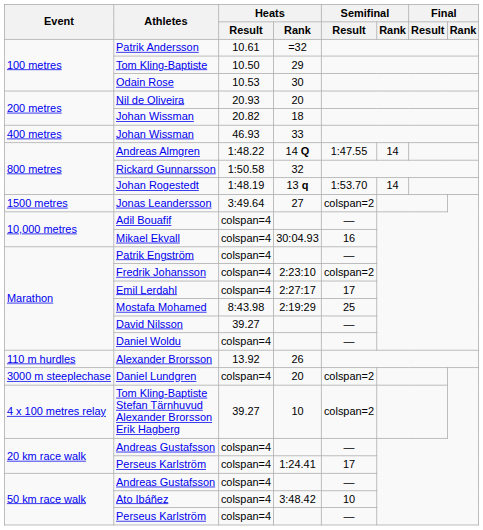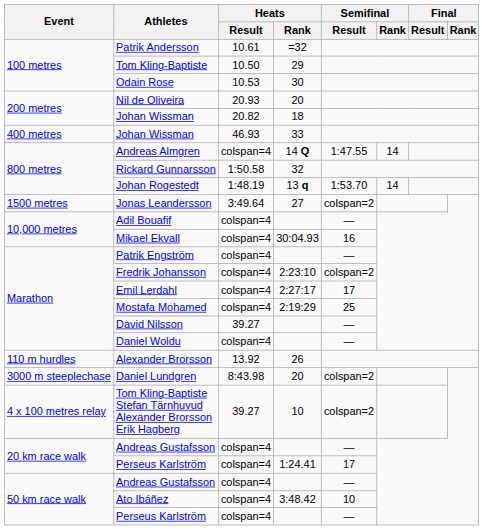 <table class="wikitable" border="1" style="font-size:90%">
 <tr>
 <th rowspan="2">Event</th>
 <th rowspan="2">Athletes</th>
 <th colspan="2">Heats</th>
 <th colspan="2">Semifinal</th>
 <th colspan="2">Final</th>
 </tr>
 <tr>
 <th>Result</th>
 <th>Rank</th>
 <th>Result</th>
 <th>Rank</th>
 <th>Result</th>
 <th>Rank</th>
 </tr>
 <tr>
 <td rowspan=3><a href='#'>100 metres</a></td>
 <td><a href='#'>Patrik Andersson</a></td>
 <td align=center>10.61</td>
 <td align=center>=32</td>
 <td align=center colspan=4></td>
 </tr>
 <tr>
 <td><a href='#'>Tom Kling-Baptiste</a></td>
 <td align=center>10.50</td>
 <td align=center>29</td>
 <td align=center colspan=4></td>
 </tr>
 <tr>
 <td><a href='#'>Odain Rose</a></td>
 <td align=center>10.53</td>
 <td align=center>30</td>
 <td align=center colspan=4></td>
 </tr>
 <tr>
 <td rowspan=2><a href='#'>200 metres</a></td>
 <td><a href='#'>Nil de Oliveira</a></td>
 <td align=center>20.93</td>
 <td align=center>20</td>
 <td align=center colspan=4></td>
 </tr>
 <tr>
 <td><a href='#'>Johan Wissman</a></td>
 <td align=center>20.82</td>
 <td align=center>18</td>
 <td align=center colspan=4></td>
 </tr>
 <tr>
 <td><a href='#'>400 metres</a></td>
 <td><a href='#'>Johan Wissman</a></td>
 <td align=center>46.93</td>
 <td align=center>33</td>
 <td align=center colspan=4></td>
 </tr>
 <tr>
 <td rowspan=3><a href='#'>800 metres</a></td>
 <td><a href='#'>Andreas Almgren</a></td>
-<td align=center>1:48.22</td>
+<td>colspan=4 </td>
 <td align=center>14 <strong>Q</strong></td>
 <td align=center>1:47.55</td>
 <td align=center>14</td>
 <td align=center colspan=2></td>
 </tr>
 <tr>
 <td><a href='#'>Rickard Gunnarsson</a></td>
 <td align=center>1:50.58</td>
 <td align=center>32</td>
 <td align=center colspan=4></td>
 </tr>
 <tr>
 <td><a href='#'>Johan Rogestedt</a></td>
 <td align=center>1:48.19</td>
 <td align=center>13 <strong>q</strong></td>
 <td align=center>1:53.70</td>
 <td align=center>14</td>
 <td align=center colspan=2></td>
 </tr>
 <tr>
 <td><a href='#'>1500 metres</a></td>
 <td><a href='#'>Jonas Leandersson</a></td>
 <td align=center>3:49.64</td>
 <td align=center>27</td>
 <td>colspan=2 </td>
 <td align=center colspan=2></td>
 </tr>
 <tr>
 <td rowspan=2><a href='#'>10,000 metres</a></td>
 <td><a href='#'>Adil Bouafif</a></td>
 <td>colspan=4 </td>
 <td align=center></td>
 <td align=center>—</td>
 </tr>
 <tr>
 <td><a href='#'>Mikael Ekvall</a></td>
 <td>colspan=4 </td>
 <td align=center>30:04.93</td>
 <td align=center>16</td>
 </tr>
 <tr>
 <td rowspan=6><a href='#'>Marathon</a></td>
 <td><a href='#'>Patrik Engström</a></td>
 <td>colspan=4 </td>
 <td align=center></td>
 <td align=center>—</td>
 </tr>
 <tr>
 <td><a href='#'>Fredrik Johansson</a></td>
 <td>colspan=4 </td>
 <td align=center>2:23:10</td>
 <td>colspan=2 </td>
 </tr>
 <tr>
 <td><a href='#'>Emil Lerdahl</a></td>
 <td>colspan=4 </td>
 <td align=center>2:27:17</td>
 <td align=center>17</td>
 </tr>
 <tr>
 <td><a href='#'>Mostafa Mohamed</a></td>
-<td align=center>8:43.98</td>
+<td>colspan=4 </td>
 <td align=center>2:19:29</td>
 <td align=center>25</td>
 </tr>
 <tr>
 <td><a href='#'>David Nilsson</a></td>
 <td align=center>39.27</td>
 <td align=center></td>
 <td align=center>—</td>
 </tr>
 <tr>
 <td><a href='#'>Daniel Woldu</a></td>
 <td>colspan=4 </td>
 <td align=center></td>
 <td align=center>—</td>
 </tr>
 <tr>
 <td><a href='#'>110 m hurdles</a></td>
 <td><a href='#'>Alexander Brorsson</a></td>
 <td align=center>13.92</td>
 <td align=center>26</td>
 <td align=center colspan=4></td>
 </tr>
 <tr>
 <td><a href='#'>3000 m steeplechase</a></td>
 <td><a href='#'>Daniel Lundgren</a></td>
-<td>colspan=4 </td>
+<td align=center>8:43.98</td>
 <td align=center>20</td>
 <td>colspan=2 </td>
 <td align=center colspan=2></td>
 </tr>
 <tr>
 <td><a href='#'>4 x 100 metres relay</a></td>
 <td><a href='#'>Tom Kling-Baptiste</a><br><a href='#'>Stefan Tärnhuvud</a><br><a href='#'>Alexander Brorsson</a><br><a href='#'>Erik Hagberg</a></td>
 <td align=center>39.27</td>
 <td align=center>10</td>
 <td>colspan=2 </td>
 <td align=center colspan=2></td>
 </tr>
 <tr>
 <td rowspan=2><a href='#'>20 km race walk</a></td>
 <td><a href='#'>Andreas Gustafsson</a></td>
 <td>colspan=4 </td>
 <td align=center></td>
 <td align=center>—</td>
 </tr>
 <tr>
 <td><a href='#'>Perseus Karlström</a></td>
 <td>colspan=4 </td>
 <td align=center>1:24.41</td>
 <td align=center>17</td>
 </tr>
 <tr>
 <td rowspan=3><a href='#'>50 km race walk</a></td>
 <td><a href='#'>Andreas Gustafsson</a></td>
 <td>colspan=4 </td>
 <td align=center></td>
 <td align=center>—</td>
 </tr>
 <tr>
 <td><a href='#'>Ato Ibáñez</a></td>
 <td>colspan=4 </td>
 <td align=center>3:48.42</td>
 <td align=center>10</td>
 </tr>
 <tr>
 <td><a href='#'>Perseus Karlström</a></td>
 <td>colspan=4 </td>
 <td align=center></td>
 <td align=center>—</td>
 </tr>
 </table>
